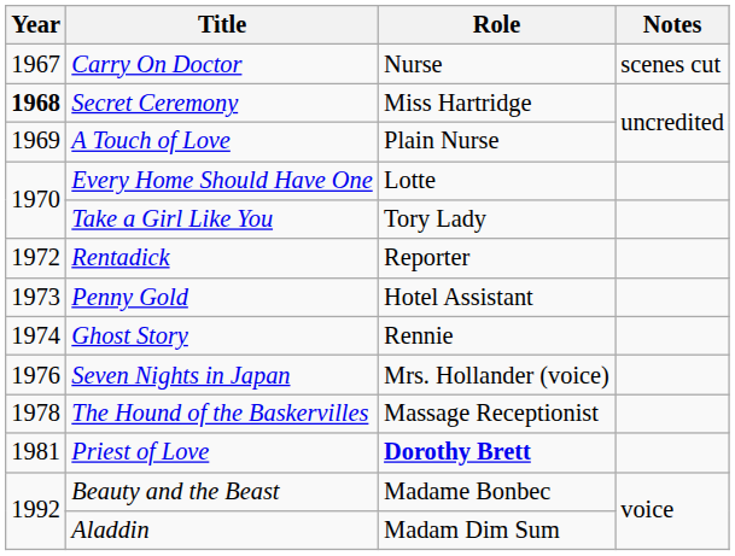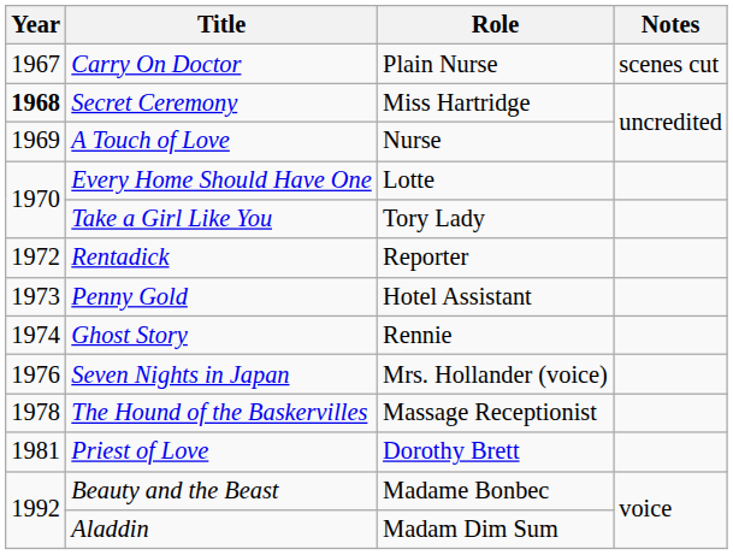 <table class="wikitable sortable">
 <tr>
 <th>Year</th>
 <th>Title</th>
 <th>Role</th>
 <th class="unsortable">Notes</th>
 </tr>
 <tr>
 <td>1967</td>
 <td><em><a href='#'>Carry On Doctor</a></em></td>
-<td>Nurse</td>
+<td>Plain Nurse</td>
 <td>scenes cut</td>
 </tr>
 <tr>
 <td><strong>1968</strong></td>
 <td><em><a href='#'>Secret Ceremony</a></em></td>
 <td>Miss Hartridge</td>
 <td rowspan="2">uncredited</td>
 </tr>
 <tr>
 <td>1969</td>
 <td><em><a href='#'>A Touch of Love</a></em></td>
-<td>Plain Nurse</td>
+<td>Nurse</td>
 </tr>
 <tr>
 <td rowspan="2">1970</td>
 <td><em><a href='#'>Every Home Should Have One</a></em></td>
 <td>Lotte</td>
 <td></td>
 </tr>
 <tr>
 <td><em><a href='#'>Take a Girl Like You</a></em></td>
 <td>Tory Lady</td>
 <td></td>
 </tr>
 <tr>
 <td>1972</td>
 <td><em><a href='#'>Rentadick</a></em></td>
 <td>Reporter</td>
 <td></td>
 </tr>
 <tr>
 <td>1973</td>
 <td><em><a href='#'>Penny Gold</a></em></td>
 <td>Hotel Assistant</td>
 <td></td>
 </tr>
 <tr>
 <td>1974</td>
 <td><em><a href='#'>Ghost Story</a></em></td>
 <td>Rennie</td>
 <td></td>
 </tr>
 <tr>
 <td>1976</td>
 <td><em><a href='#'>Seven Nights in Japan</a></em></td>
 <td>Mrs. Hollander (voice)</td>
 <td></td>
 </tr>
 <tr>
 <td>1978</td>
 <td><em><a href='#'>The Hound of the Baskervilles</a></em></td>
 <td>Massage Receptionist</td>
 <td></td>
 </tr>
 <tr>
 <td>1981</td>
 <td><em><a href='#'>Priest of Love</a></em></td>
-<td><strong><a href='#'>Dorothy Brett</a></strong></td>
+<td><a href='#'>Dorothy Brett</a></td>
 <td></td>
 </tr>
 <tr>
 <td rowspan="2">1992</td>
 <td><em>Beauty and the Beast</em></td>
 <td>Madame Bonbec</td>
 <td rowspan="2">voice</td>
 </tr>
 <tr>
 <td><em>Aladdin</em></td>
 <td>Madam Dim Sum</td>
 </tr>
 </table>
